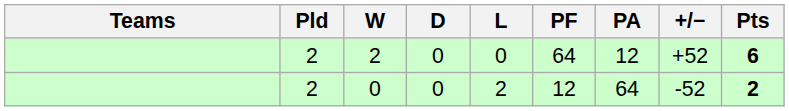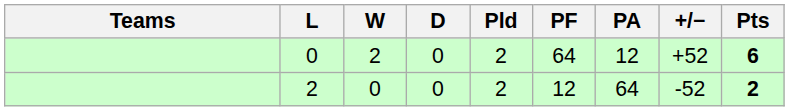 <table class="wikitable" style="text-align: center;">
 <tr>
 <th width="200">Teams</th>
-<th width="40">Pld</th>
+<th width="40">L</th>
 <th width="40">W</th>
 <th width="40">D</th>
-<th width="40">L</th>
+<th width="40">Pld</th>
 <th width="40">PF</th>
 <th width="40">PA</th>
 <th width="40">+/−</th>
 <th width="40">Pts</th>
 </tr>
 <tr bgcolor=ccffcc>
 <td align=left></td>
-<td>2</td>
+<td>0</td>
 <td>2</td>
 <td>0</td>
-<td>0</td>
+<td>2</td>
 <td>64</td>
 <td>12</td>
 <td>+52</td>
 <td><strong>6</strong></td>
 </tr>
 <tr bgcolor=ccffcc>
 <td align=left></td>
 <td>2</td>
 <td>0</td>
 <td>0</td>
 <td>2</td>
 <td>12</td>
 <td>64</td>
 <td>-52</td>
 <td><strong>2</strong></td>
 </tr>
 </table>
